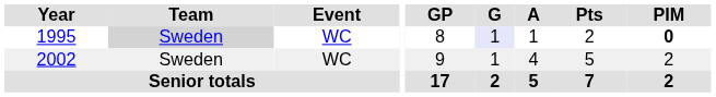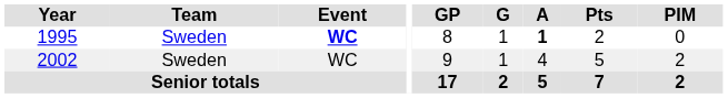 <table border="0" cellpadding="1" cellspacing="0" ID="Table3" style="text-align:center; width:40em">
 <tr ALIGN="center" bgcolor="#e0e0e0">
 <th>Year</th>
 <th>Team</th>
 <th>Event</th>
 <th rowspan="99" bgcolor="#ffffff"></th>
 <th>GP</th>
 <th>G</th>
 <th>A</th>
 <th>Pts</th>
 <th>PIM</th>
 </tr>
 <tr>
 <td><a href='#'>1995</a></td>
-<td style="background: lightgrey;"><a href='#'>Sweden</a></td>
-<td><a href='#'>WC</a></td>
+<td><a href='#'>Sweden</a></td>
+<td><strong><a href='#'>WC</a></strong></td>
 <td>8</td>
-<td style="background: lavender;">1</td>
 <td>1</td>
+<td><strong>1</strong></td>
 <td>2</td>
-<td><strong>0</strong></td>
+<td>0</td>
 </tr>
 <tr bgcolor="#f0f0f0">
 <td><a href='#'>2002</a></td>
 <td>Sweden</td>
 <td>WC</td>
 <td>9</td>
 <td>1</td>
 <td>4</td>
 <td>5</td>
 <td>2</td>
 </tr>
 <tr bgcolor="#e0e0e0">
 <th colspan="3">Senior totals</th>
 <th>17</th>
 <th>2</th>
 <th>5</th>
 <th>7</th>
 <th>2</th>
 </tr>
 </table>
